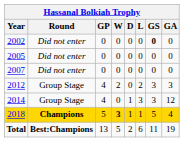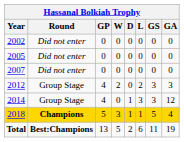 <table class="wikitable" style="text-align: center;font-size:90%;">
 <tr>
 <th colspan=8> <a href='#'>Hassanal Bolkiah Trophy</a> </th>
 </tr>
 <tr>
 <th>Year</th>
 <th>Round</th>
 <th>GP</th>
 <th>W</th>
 <th>D</th>
 <th>L</th>
 <th>GS</th>
 <th>GA</th>
 </tr>
 <tr>
 <td><a href='#'>2002</a></td>
 <td><em>Did not enter</em></td>
 <td>0</td>
 <td>0</td>
 <td>0</td>
 <td>0</td>
-<td><strong>0</strong></td>
+<td>0</td>
 <td>0</td>
 </tr>
 <tr>
 <td><a href='#'>2005</a></td>
 <td><em>Did not enter</em></td>
 <td>0</td>
 <td>0</td>
 <td>0</td>
 <td>0</td>
 <td>0</td>
 <td>0</td>
 </tr>
 <tr>
 <td><a href='#'>2007</a></td>
 <td><em>Did not enter</em></td>
 <td>0</td>
 <td>0</td>
 <td>0</td>
 <td>0</td>
 <td>0</td>
 <td>0</td>
 </tr>
 <tr>
 <td><a href='#'>2012</a></td>
 <td>Group Stage</td>
 <td>4</td>
 <td>2</td>
 <td>0</td>
 <td>2</td>
 <td>3</td>
 <td>3</td>
 </tr>
 <tr>
 <td><a href='#'>2014</a></td>
 <td>Group Stage</td>
 <td>4</td>
 <td>0</td>
 <td>1</td>
 <td>3</td>
 <td>3</td>
 <td>12</td>
 </tr>
 <tr bgcolor=gold>
 <td><a href='#'>2018</a></td>
 <td><strong>Champions</strong></td>
 <td>5</td>
-<td><strong>3</strong></td>
+<td>3</td>
 <td>1</td>
 <td>1</td>
 <td>5</td>
 <td>4</td>
 </tr>
 <tr>
 <td><strong>Total</strong></td>
 <td><strong>Best:Champions</strong></td>
 <td>13</td>
 <td>5</td>
 <td>2</td>
 <td>6</td>
 <td>11</td>
 <td>19</td>
 </tr>
 </table>
